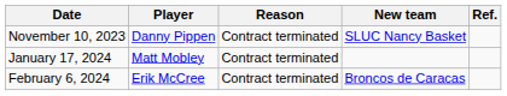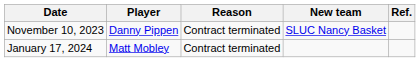 <table class="wikitable">
 <tr>
 <th>Date</th>
 <th>Player</th>
 <th>Reason</th>
 <th>New team</th>
 <th>Ref.</th>
 </tr>
 <tr>
 <td>November 10, 2023</td>
 <td><a href='#'>Danny Pippen</a></td>
 <td>Contract terminated</td>
 <td> <a href='#'>SLUC Nancy Basket</a></td>
 <td></td>
 </tr>
 <tr>
 <td>January 17, 2024</td>
 <td><a href='#'>Matt Mobley</a></td>
 <td>Contract terminated</td>
 <td></td>
 <td></td>
 </tr>
-<tr>
-<td>February 6, 2024</td>
-<td><a href='#'>Erik McCree</a></td>
-<td>Contract terminated</td>
-<td> <a href='#'>Broncos de Caracas</a></td>
-<td></td>
-</tr>
 </table>
